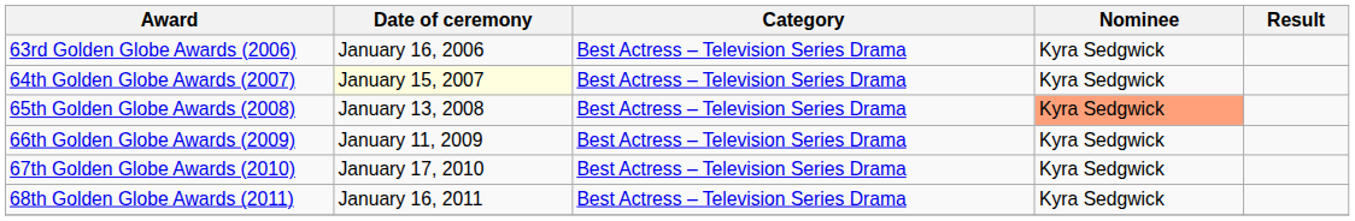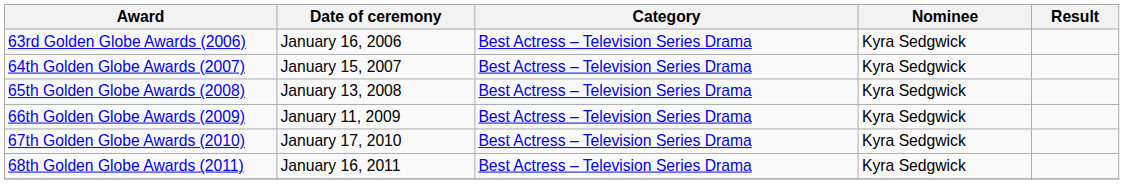 <table class="wikitable" style="width:90%;">
 <tr>
 <th style="width:22%;">Award</th>
 <th style="width:16%;">Date of ceremony</th>
 <th style="width:31%;">Category</th>
 <th style="width:14%;">Nominee</th>
 <th style="width:7%;">Result</th>
 </tr>
 <tr>
 <td><a href='#'>63rd Golden Globe Awards (2006)</a></td>
 <td>January 16, 2006</td>
 <td><a href='#'>Best Actress – Television Series Drama</a></td>
 <td>Kyra Sedgwick</td>
 <td></td>
 </tr>
 <tr>
 <td><a href='#'>64th Golden Globe Awards (2007)</a></td>
-<td style="background: lightyellow;">January 15, 2007</td>
+<td>January 15, 2007</td>
 <td><a href='#'>Best Actress – Television Series Drama</a></td>
 <td>Kyra Sedgwick</td>
 <td></td>
 </tr>
 <tr>
 <td><a href='#'>65th Golden Globe Awards (2008)</a></td>
 <td>January 13, 2008</td>
 <td><a href='#'>Best Actress – Television Series Drama</a></td>
-<td style="background: lightsalmon;">Kyra Sedgwick</td>
+<td>Kyra Sedgwick</td>
 <td></td>
 </tr>
 <tr>
 <td><a href='#'>66th Golden Globe Awards (2009)</a></td>
 <td>January 11, 2009</td>
 <td><a href='#'>Best Actress – Television Series Drama</a></td>
 <td>Kyra Sedgwick</td>
 <td></td>
 </tr>
 <tr>
 <td><a href='#'>67th Golden Globe Awards (2010)</a></td>
 <td>January 17, 2010</td>
 <td><a href='#'>Best Actress – Television Series Drama</a></td>
 <td>Kyra Sedgwick</td>
 <td></td>
 </tr>
 <tr>
 <td><a href='#'>68th Golden Globe Awards (2011)</a></td>
 <td>January 16, 2011</td>
 <td><a href='#'>Best Actress – Television Series Drama</a></td>
 <td>Kyra Sedgwick</td>
 <td></td>
 </tr>
 <tr>
 </tr>
 </table>
